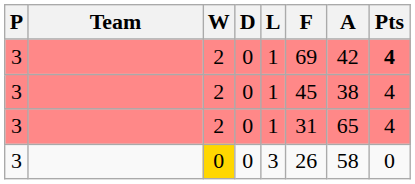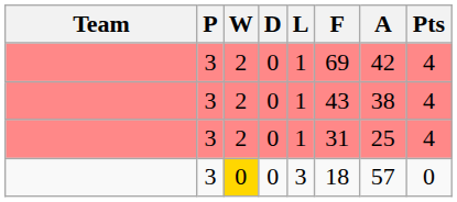 <table class="wikitable" style="text-align:center;">
 <tr>
+<th width="120px">Team</th>
 <th>P</th>
-<th width="120px">Team</th>
 <th>W</th>
 <th>D</th>
 <th>L</th>
 <th width="23px">F</th>
 <th width="23px">A</th>
 <th width="23px">Pts</th>
 </tr>
 <tr bgcolor="#FF8888">
+<td></td>
 <td>3</td>
-<td></td>
 <td>2</td>
 <td>0</td>
 <td>1</td>
 <td>69</td>
 <td>42</td>
-<td><strong>4</strong></td>
+<td>4</td>
 </tr>
 <tr bgcolor="#FF8888">
+<td></td>
 <td>3</td>
-<td></td>
 <td>2</td>
 <td>0</td>
 <td>1</td>
-<td>45</td>
+<td>43</td>
 <td>38</td>
 <td>4</td>
 </tr>
 <tr bgcolor="#FF8888">
+<td></td>
 <td>3</td>
-<td></td>
 <td>2</td>
 <td>0</td>
 <td>1</td>
 <td>31</td>
-<td>65</td>
+<td>25</td>
 <td>4</td>
 </tr>
 <tr>
+<td></td>
 <td>3</td>
-<td></td>
 <td style="background: gold;">0</td>
 <td>0</td>
 <td>3</td>
-<td>26</td>
-<td>58</td>
+<td>18</td>
+<td>57</td>
 <td>0</td>
 </tr>
 </table>
